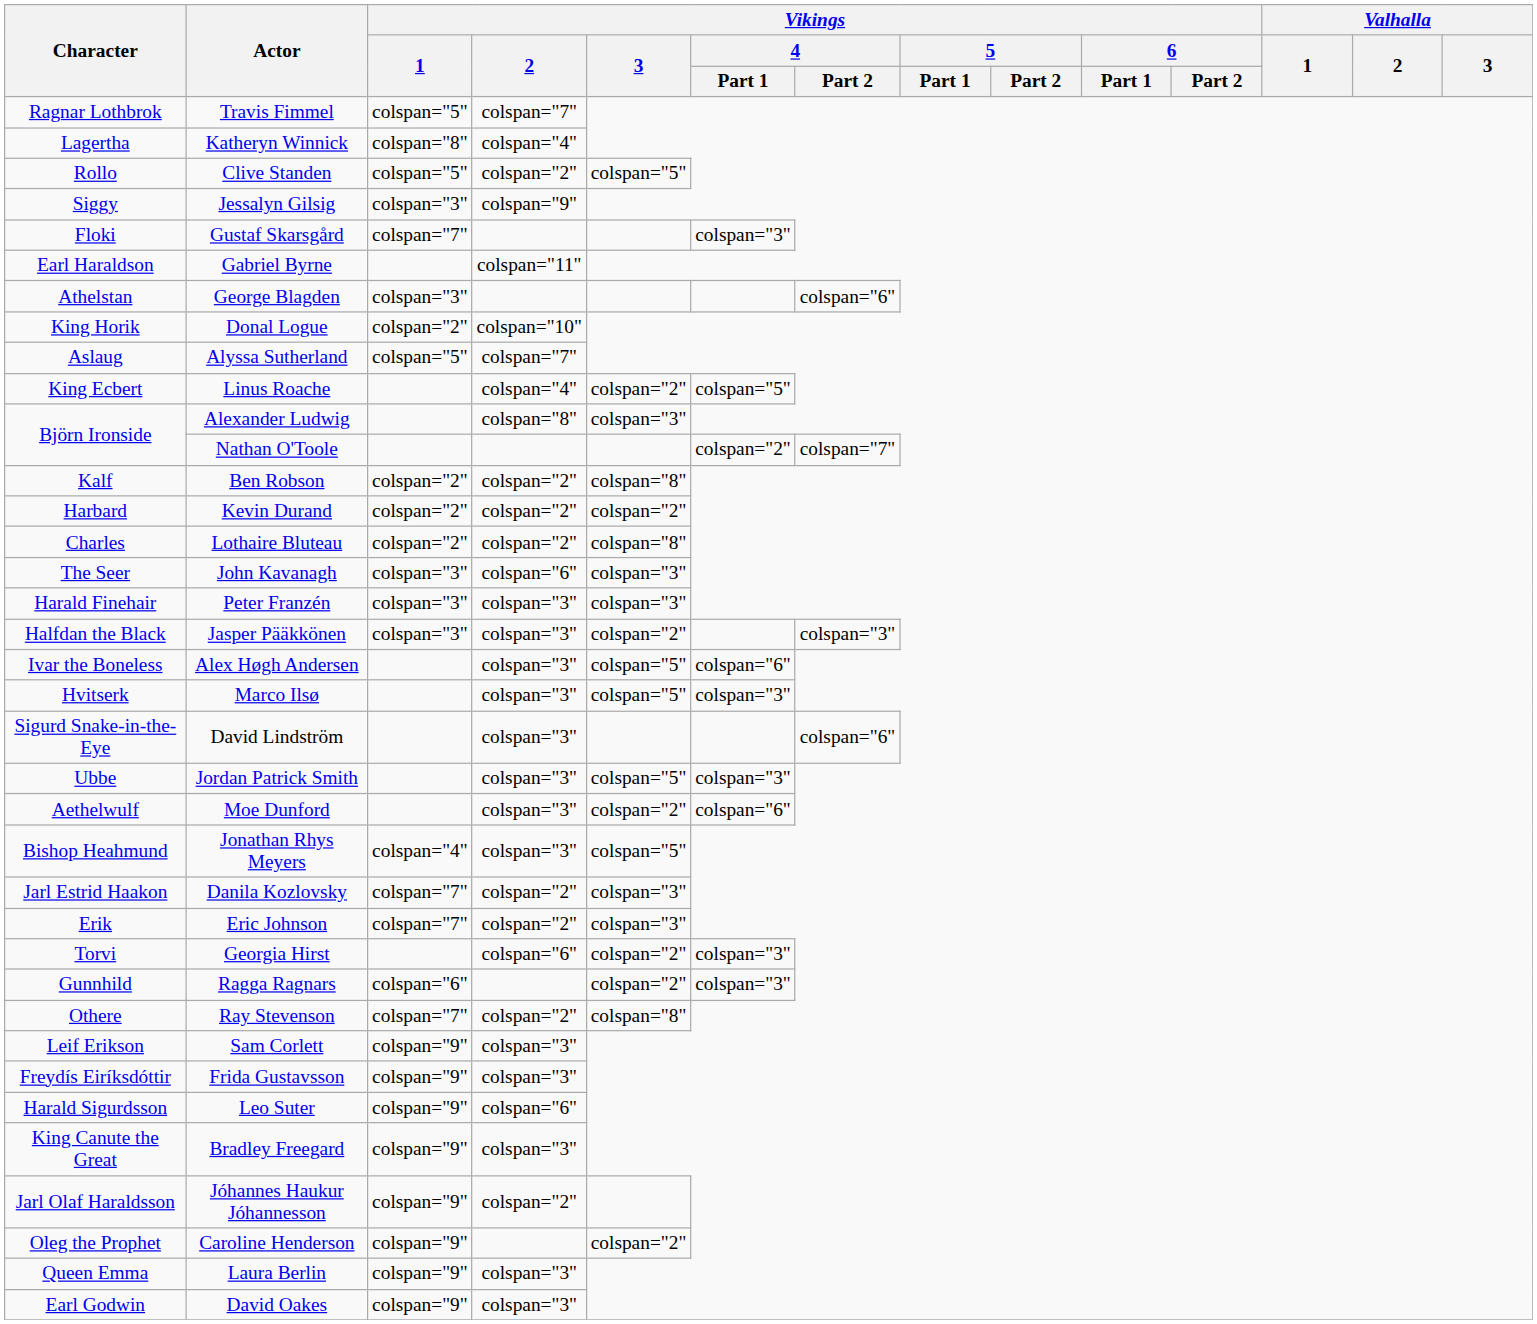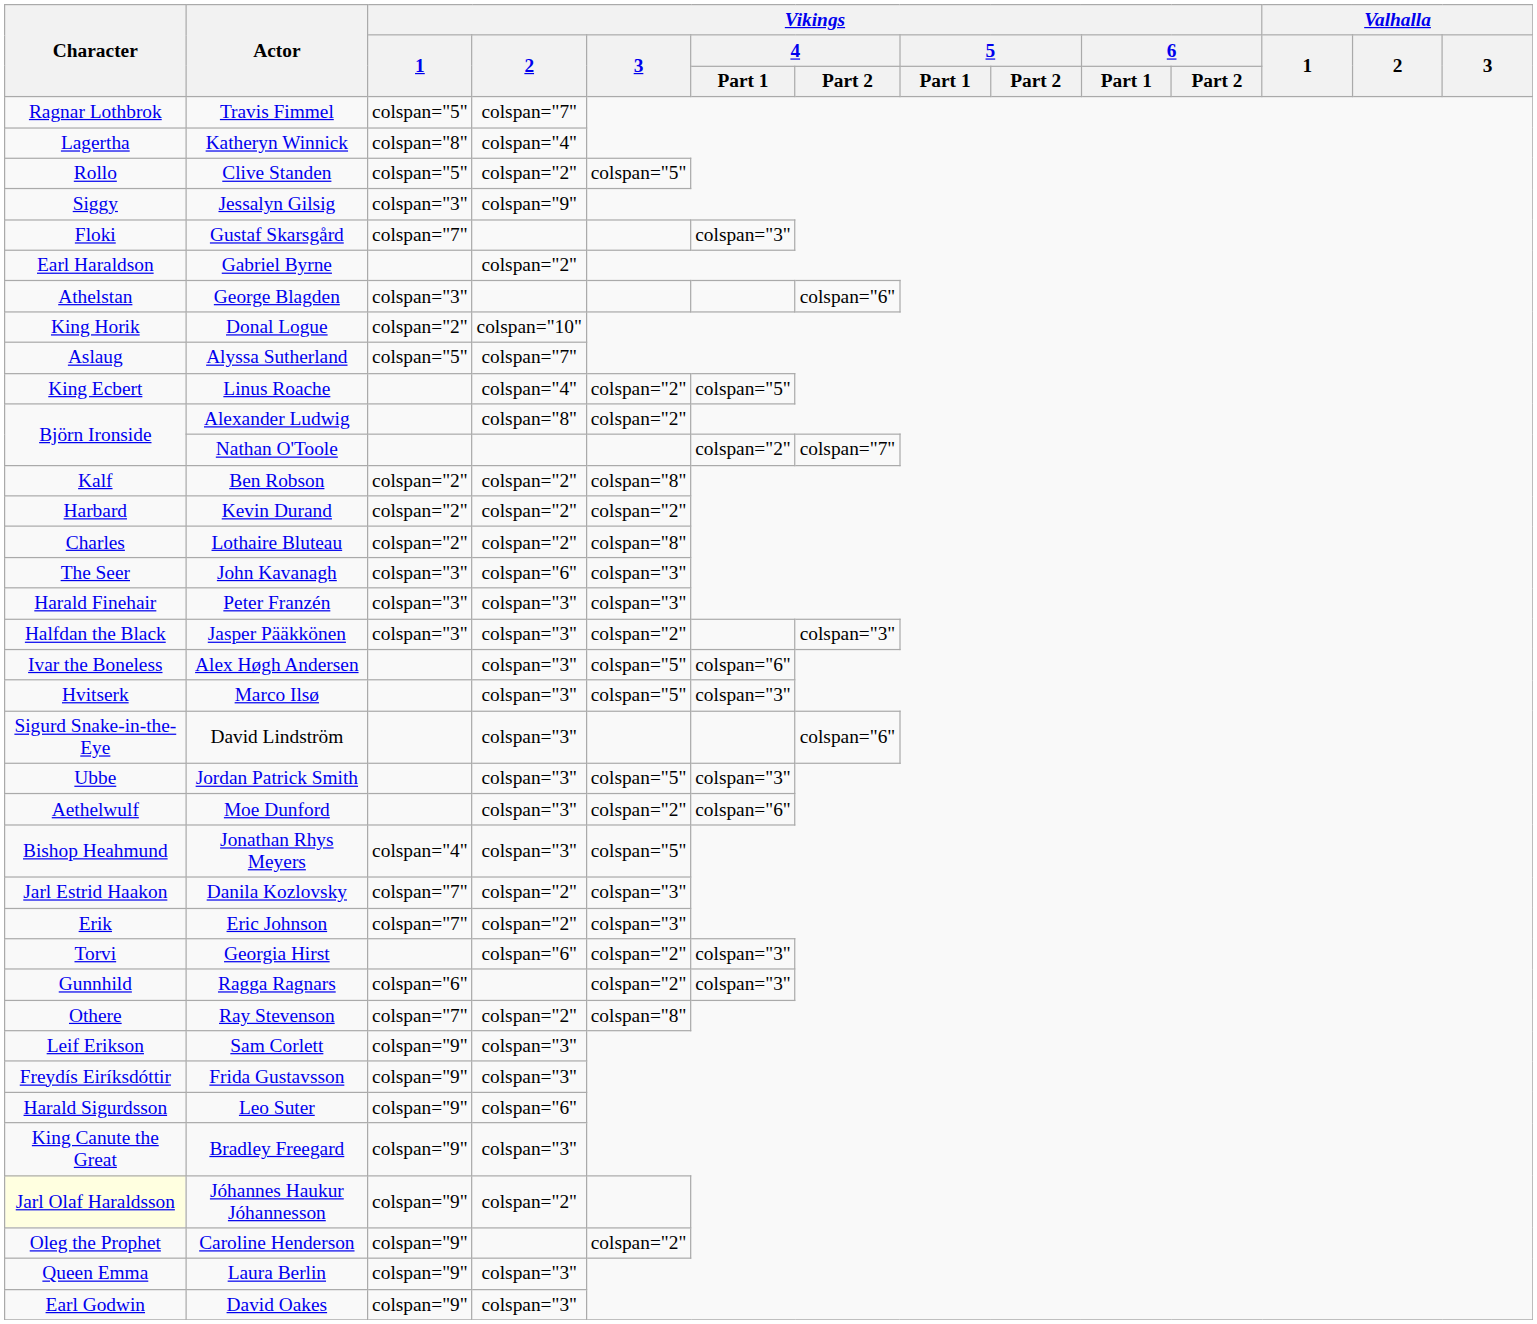 <table class="wikitable plainrowheaders" style="text-align:center; width:100%;">
 <tr>
 <th scope="col" rowspan="3" style="width:12%;">Character</th>
 <th scope="col" rowspan="3" style="width:12%;">Actor</th>
 <th scope="col" colspan="9" style="width:52%;"><a href='#'><em>Vikings</em></a></th>
 <th scope="col" colspan="3" style="width:18%;"><a href='#'><em>Valhalla</em></a></th>
 </tr>
 <tr>
 <th scope="col" rowspan="2" style="width:6%;"><a href='#'>1</a></th>
 <th scope="col" rowspan="2" style="width:6%;"><a href='#'>2</a></th>
 <th scope="col" rowspan="2" style="width:6%;"><a href='#'>3</a></th>
 <th scope="col" colspan="2" style="width:12%;"><a href='#'>4</a></th>
 <th scope="col" colspan="2" style="width:12%;"><a href='#'>5</a></th>
 <th scope="col" colspan="2" style="width:12%;"><a href='#'>6</a></th>
 <th scope="col" rowspan="2" style="width:6%;">1</th>
 <th scope="col" rowspan="2" style="width:6%;">2</th>
 <th scope="col" rowspan="2" style="width:6%;">3</th>
 </tr>
 <tr>
 <th scope="col" style="width:6%">Part 1</th>
 <th scope="col" style="width:6%">Part 2</th>
 <th scope="col" style="width:6%">Part 1</th>
 <th scope="col" style="width:6%">Part 2</th>
 <th scope="col" style="width:6%">Part 1</th>
 <th scope="col" style="width:6%">Part 2</th>
 </tr>
 <tr>
 <td scope="row"><a href='#'>Ragnar Lothbrok</a></td>
 <td><a href='#'>Travis Fimmel</a></td>
 <td>colspan="5" </td>
 <td>colspan="7" </td>
 </tr>
 <tr>
 <td scope="row"><a href='#'>Lagertha</a></td>
 <td><a href='#'>Katheryn Winnick</a></td>
 <td>colspan="8" </td>
 <td>colspan="4" </td>
 </tr>
 <tr>
 <td scope="row"><a href='#'>Rollo</a></td>
 <td><a href='#'>Clive Standen</a></td>
 <td>colspan="5" </td>
 <td>colspan="2" </td>
 <td>colspan="5" </td>
 </tr>
 <tr>
 <td scope="row"><a href='#'>Siggy</a></td>
 <td><a href='#'>Jessalyn Gilsig</a></td>
 <td>colspan="3" </td>
 <td>colspan="9" </td>
 </tr>
 <tr>
 <td scope="row"><a href='#'>Floki</a></td>
 <td><a href='#'>Gustaf Skarsgård</a></td>
 <td>colspan="7" </td>
 <td></td>
 <td></td>
 <td>colspan="3" </td>
 </tr>
 <tr>
 <td scope="row"><a href='#'>Earl Haraldson</a></td>
 <td><a href='#'>Gabriel Byrne</a></td>
 <td></td>
-<td>colspan="11" </td>
+<td>colspan="2" </td>
 </tr>
 <tr>
 <td scope="row"><a href='#'>Athelstan</a></td>
 <td><a href='#'>George Blagden</a></td>
 <td>colspan="3" </td>
 <td></td>
 <td></td>
 <td></td>
 <td>colspan="6" </td>
 </tr>
 <tr>
 <td scope="row"><a href='#'>King Horik</a></td>
 <td><a href='#'>Donal Logue</a></td>
 <td>colspan="2" </td>
 <td>colspan="10" </td>
 </tr>
 <tr>
 <td scope="row"><a href='#'>Aslaug</a></td>
 <td><a href='#'>Alyssa Sutherland</a></td>
 <td>colspan="5" </td>
 <td>colspan="7" </td>
 </tr>
 <tr>
 <td scope="row"><a href='#'>King Ecbert</a></td>
 <td><a href='#'>Linus Roache</a></td>
 <td></td>
 <td>colspan="4" </td>
 <td>colspan="2" </td>
 <td>colspan="5" </td>
 </tr>
 <tr>
 <td scope="row" rowspan="2"><a href='#'>Björn Ironside</a></td>
 <td><a href='#'>Alexander Ludwig</a></td>
 <td></td>
 <td>colspan="8" </td>
-<td>colspan="3" </td>
+<td>colspan="2" </td>
 </tr>
 <tr>
 <td><a href='#'>Nathan O'Toole</a> </td>
 <td></td>
 <td></td>
 <td></td>
 <td>colspan="2" </td>
 <td>colspan="7" </td>
 </tr>
 <tr>
 <td scope="row"><a href='#'>Kalf</a></td>
 <td><a href='#'>Ben Robson</a></td>
 <td>colspan="2" </td>
 <td>colspan="2" </td>
 <td>colspan="8" </td>
 </tr>
 <tr>
 <td scope="row"><a href='#'>Harbard</a></td>
 <td><a href='#'>Kevin Durand</a></td>
 <td>colspan="2" </td>
 <td>colspan="2" </td>
 <td>colspan="2" </td>
 </tr>
 <tr>
 <td scope="row"><a href='#'>Charles</a></td>
 <td><a href='#'>Lothaire Bluteau</a></td>
 <td>colspan="2" </td>
 <td>colspan="2" </td>
 <td>colspan="8" </td>
 </tr>
 <tr>
 <td scope="row"><a href='#'>The Seer</a></td>
 <td><a href='#'>John Kavanagh</a></td>
 <td>colspan="3" </td>
 <td>colspan="6" </td>
 <td>colspan="3" </td>
 </tr>
 <tr>
 <td scope="row"><a href='#'>Harald Finehair</a></td>
 <td><a href='#'>Peter Franzén</a></td>
 <td>colspan="3" </td>
 <td>colspan="3" </td>
 <td>colspan="3" </td>
 </tr>
 <tr>
 <td scope="row"><a href='#'>Halfdan the Black</a></td>
 <td><a href='#'>Jasper Pääkkönen</a></td>
 <td>colspan="3" </td>
 <td>colspan="3" </td>
 <td>colspan="2" </td>
 <td></td>
 <td>colspan="3" </td>
 </tr>
 <tr>
 <td scope="row"><a href='#'>Ivar the Boneless</a></td>
 <td><a href='#'>Alex Høgh Andersen</a></td>
 <td></td>
 <td>colspan="3" </td>
 <td>colspan="5" </td>
 <td>colspan="6" </td>
 </tr>
 <tr>
 <td scope="row"><a href='#'>Hvitserk</a></td>
 <td><a href='#'>Marco Ilsø</a></td>
 <td></td>
 <td>colspan="3" </td>
 <td>colspan="5" </td>
 <td>colspan="3" </td>
 </tr>
 <tr>
 <td scope="row"><a href='#'>Sigurd Snake-in-the-Eye</a></td>
 <td>David Lindström</td>
 <td></td>
 <td>colspan="3" </td>
 <td></td>
 <td></td>
 <td>colspan="6" </td>
 </tr>
 <tr>
 <td scope="row"><a href='#'>Ubbe</a></td>
 <td><a href='#'>Jordan Patrick Smith</a></td>
 <td></td>
 <td>colspan="3" </td>
 <td>colspan="5" </td>
 <td>colspan="3" </td>
 </tr>
 <tr>
 <td scope="row"><a href='#'>Aethelwulf</a></td>
 <td><a href='#'>Moe Dunford</a></td>
 <td></td>
 <td>colspan="3" </td>
 <td>colspan="2" </td>
 <td>colspan="6" </td>
 </tr>
 <tr>
 <td scope="row"><a href='#'>Bishop Heahmund</a></td>
 <td><a href='#'>Jonathan Rhys Meyers</a></td>
 <td>colspan="4" </td>
 <td>colspan="3" </td>
 <td>colspan="5" </td>
 </tr>
 <tr>
 <td scope="row"><a href='#'>Jarl Estrid Haakon</a></td>
 <td><a href='#'>Danila Kozlovsky</a></td>
 <td>colspan="7" </td>
 <td>colspan="2" </td>
 <td>colspan="3" </td>
 </tr>
 <tr>
 <td scope="row"><a href='#'>Erik</a></td>
 <td><a href='#'>Eric Johnson</a></td>
 <td>colspan="7" </td>
 <td>colspan="2" </td>
 <td>colspan="3" </td>
 </tr>
 <tr>
 <td scope="row"><a href='#'>Torvi</a></td>
 <td><a href='#'>Georgia Hirst</a></td>
 <td></td>
 <td>colspan="6" </td>
 <td>colspan="2" </td>
 <td>colspan="3" </td>
 </tr>
 <tr>
 <td scope="row"><a href='#'>Gunnhild</a></td>
 <td><a href='#'>Ragga Ragnars</a></td>
 <td>colspan="6" </td>
 <td></td>
 <td>colspan="2" </td>
 <td>colspan="3" </td>
 </tr>
 <tr>
 <td scope="row"><a href='#'>Othere</a></td>
 <td><a href='#'>Ray Stevenson</a></td>
 <td>colspan="7" </td>
 <td>colspan="2" </td>
 <td>colspan="8" </td>
 </tr>
 <tr>
 <td scope="row"><a href='#'>Leif Erikson</a></td>
 <td><a href='#'>Sam Corlett</a></td>
 <td>colspan="9" </td>
 <td>colspan="3" </td>
 </tr>
 <tr>
 <td scope="row"><a href='#'>Freydís Eiríksdóttir</a></td>
 <td><a href='#'>Frida Gustavsson</a></td>
 <td>colspan="9" </td>
 <td>colspan="3" </td>
 </tr>
 <tr>
 <td scope="row"><a href='#'>Harald Sigurdsson</a></td>
 <td><a href='#'>Leo Suter</a></td>
 <td>colspan="9" </td>
 <td>colspan="6" </td>
 </tr>
 <tr>
 <td scope="row"><a href='#'>King Canute the Great</a></td>
 <td><a href='#'>Bradley Freegard</a></td>
 <td>colspan="9" </td>
 <td>colspan="3" </td>
 </tr>
 <tr>
-<td scope="row"><a href='#'>Jarl Olaf Haraldsson</a></td>
+<td scope="row" style="background: lightyellow;"><a href='#'>Jarl Olaf Haraldsson</a></td>
 <td><a href='#'>Jóhannes Haukur Jóhannesson</a></td>
 <td>colspan="9" </td>
 <td>colspan="2" </td>
 <td></td>
 </tr>
 <tr>
 <td scope="row"><a href='#'>Oleg the Prophet</a></td>
 <td><a href='#'>Caroline Henderson</a></td>
 <td>colspan="9" </td>
 <td></td>
 <td>colspan="2" </td>
 </tr>
 <tr>
 <td scope="row"><a href='#'>Queen Emma</a></td>
 <td><a href='#'>Laura Berlin</a></td>
 <td>colspan="9" </td>
 <td>colspan="3" </td>
 </tr>
 <tr>
 <td scope="row"><a href='#'>Earl Godwin</a></td>
 <td><a href='#'>David Oakes</a></td>
 <td>colspan="9" </td>
 <td>colspan="3" </td>
 </tr>
 </table>
